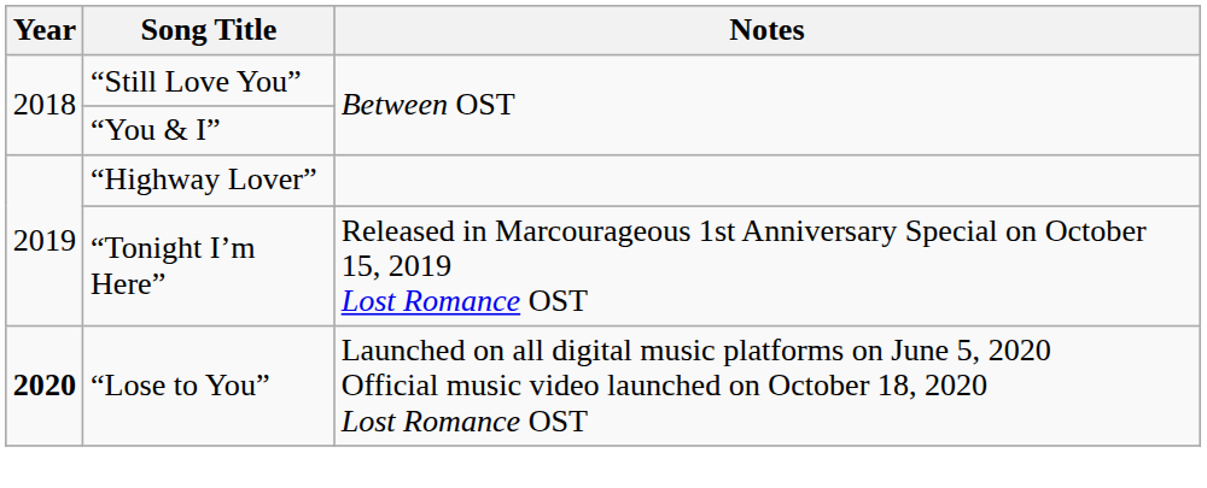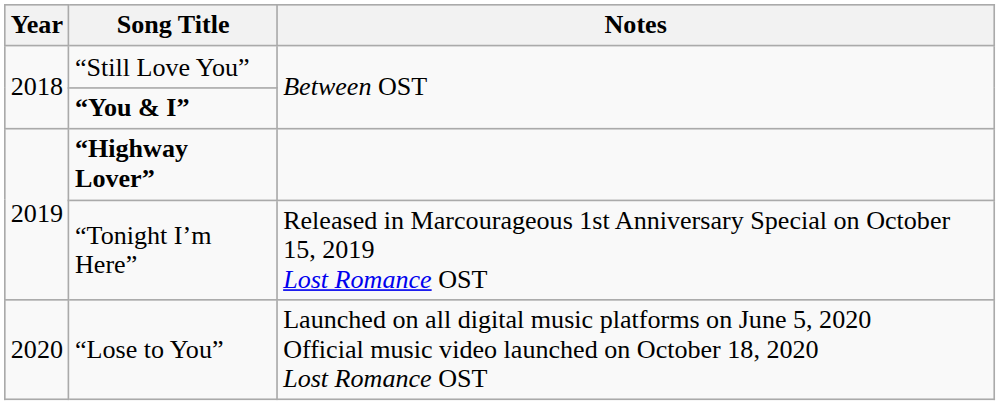 <table class="wikitable sortable">
 <tr>
 <th>Year</th>
 <th>Song Title</th>
 <th>Notes</th>
 </tr>
 <tr>
 <td rowspan="2">2018</td>
 <td>“Still Love You”</td>
 <td rowspan="2"><em>Between</em> OST</td>
 </tr>
 <tr>
-<td>“You & I”</td>
+<td><strong>“You & I”</strong></td>
 </tr>
 <tr>
 <td rowspan="2">2019</td>
-<td>“Highway Lover”</td>
+<td><strong>“Highway Lover”</strong></td>
 <td></td>
 </tr>
 <tr>
 <td>“Tonight I’m Here”</td>
 <td>Released in Marcourageous 1st Anniversary Special on October 15, 2019<br><em><a href='#'>Lost Romance</a></em> OST</td>
 </tr>
 <tr>
-<td><strong>2020</strong></td>
+<td>2020</td>
 <td>“Lose to You”</td>
 <td>Launched on all digital music platforms on June 5, 2020<br>Official music video launched on October 18, 2020<br><em>Lost Romance</em> OST</td>
 </tr>
 </table>
